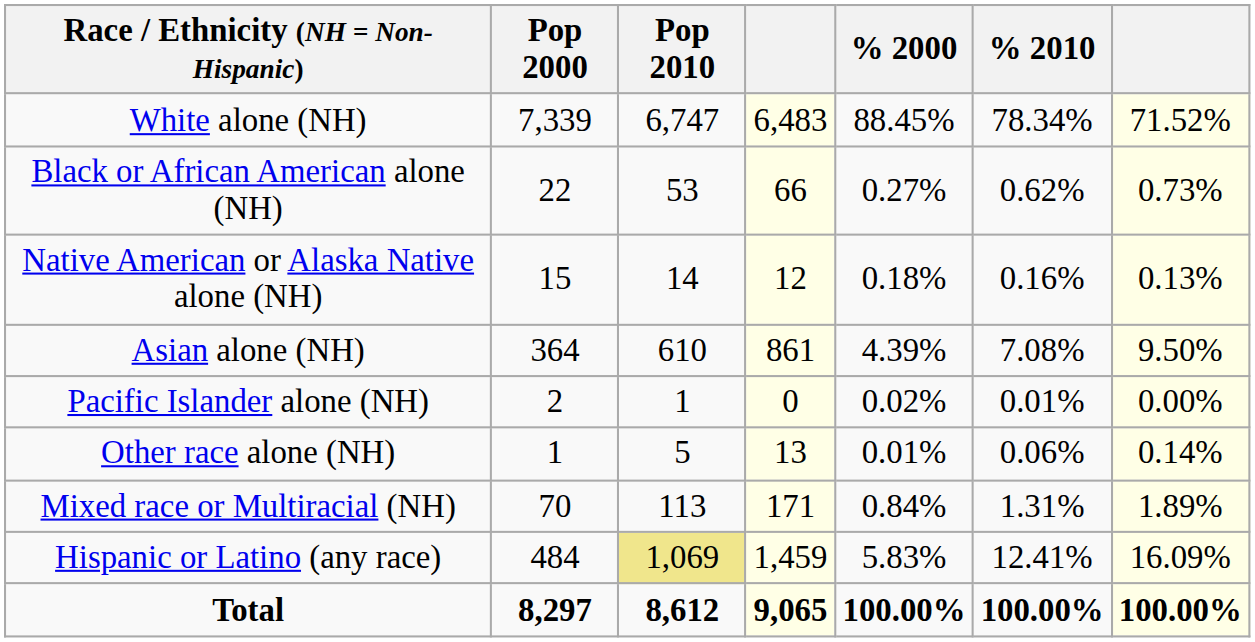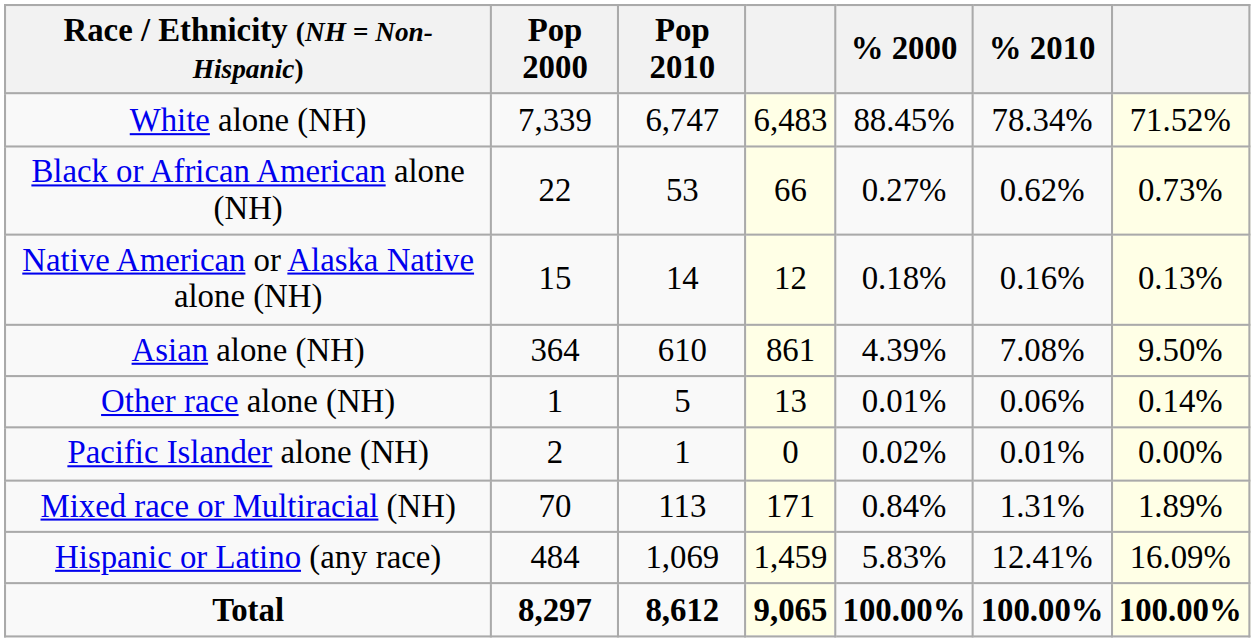 <table class="wikitable" style="text-align:center;">
 <tr>
 <th>Race / Ethnicity <small>(<em>NH = Non-Hispanic</em>)</small></th>
 <th>Pop 2000</th>
 <th>Pop 2010</th>
 <th></th>
 <th>% 2000</th>
 <th>% 2010</th>
 <th></th>
 </tr>
 <tr>
 <td><a href='#'>White</a> alone (NH)</td>
 <td>7,339</td>
 <td>6,747</td>
 <td style='background: #ffffe6;'>6,483</td>
 <td>88.45%</td>
 <td>78.34%</td>
 <td style='background: #ffffe6;'>71.52%</td>
 </tr>
 <tr>
 <td><a href='#'>Black or African American</a> alone (NH)</td>
 <td>22</td>
 <td>53</td>
 <td style='background: #ffffe6;'>66</td>
 <td>0.27%</td>
 <td>0.62%</td>
 <td style='background: #ffffe6;'>0.73%</td>
 </tr>
 <tr>
 <td><a href='#'>Native American</a> or <a href='#'>Alaska Native</a> alone (NH)</td>
 <td>15</td>
 <td>14</td>
 <td style='background: #ffffe6;'>12</td>
 <td>0.18%</td>
 <td>0.16%</td>
 <td style='background: #ffffe6;'>0.13%</td>
 </tr>
 <tr>
 <td><a href='#'>Asian</a> alone (NH)</td>
 <td>364</td>
 <td>610</td>
 <td style='background: #ffffe6;'>861</td>
 <td>4.39%</td>
 <td>7.08%</td>
 <td style='background: #ffffe6;'>9.50%</td>
 </tr>
 <tr>
+<td><a href='#'>Other race</a> alone (NH)</td>
+<td>1</td>
+<td>5</td>
+<td style='background: #ffffe6;'>13</td>
+<td>0.01%</td>
+<td>0.06%</td>
+<td style='background: #ffffe6;'>0.14%</td>
+</tr>
+<tr>
 <td><a href='#'>Pacific Islander</a> alone (NH)</td>
 <td>2</td>
 <td>1</td>
 <td style='background: #ffffe6;'>0</td>
 <td>0.02%</td>
 <td>0.01%</td>
 <td style='background: #ffffe6;'>0.00%</td>
-</tr>
-<tr>
-<td><a href='#'>Other race</a> alone (NH)</td>
-<td>1</td>
-<td>5</td>
-<td style='background: #ffffe6;'>13</td>
-<td>0.01%</td>
-<td>0.06%</td>
-<td style='background: #ffffe6;'>0.14%</td>
 </tr>
 <tr>
 <td><a href='#'>Mixed race or Multiracial</a> (NH)</td>
 <td>70</td>
 <td>113</td>
 <td style='background: #ffffe6;'>171</td>
 <td>0.84%</td>
 <td>1.31%</td>
 <td style='background: #ffffe6;'>1.89%</td>
 </tr>
 <tr>
 <td><a href='#'>Hispanic or Latino</a> (any race)</td>
 <td>484</td>
-<td style="background: khaki;">1,069</td>
+<td>1,069</td>
 <td style='background: #ffffe6;'>1,459</td>
 <td>5.83%</td>
 <td>12.41%</td>
 <td style='background: #ffffe6;'>16.09%</td>
 </tr>
 <tr>
 <td><strong>Total</strong></td>
 <td><strong>8,297</strong></td>
 <td><strong>8,612</strong></td>
 <td style='background: #ffffe6;'><strong>9,065</strong></td>
 <td><strong>100.00%</strong></td>
 <td><strong>100.00%</strong></td>
 <td style='background: #ffffe6;'><strong>100.00%</strong></td>
 </tr>
 </table>
